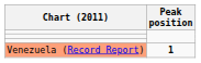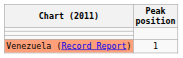 <table class="wikitable sortable">
 <tr>
 <th>Chart (2011)</th>
 <th>Peak<br>position</th>
 </tr>
 <tr>
 <td></td>
 </tr>
 <tr>
 <td></td>
 </tr>
 <tr>
 <td></td>
 </tr>
 <tr>
 <td style="background: lightsalmon;">Venezuela (<a href='#'>Record Report</a>)</td>
-<td style="text-align:center;"><strong>1</strong></td>
+<td style="text-align:center;">1</td>
 </tr>
 </table>
